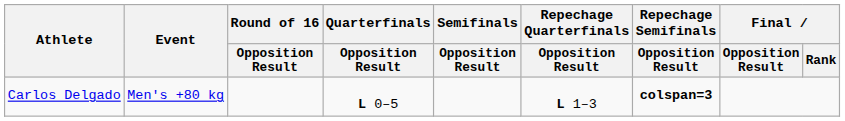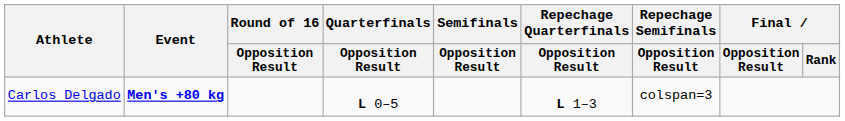 <table class=wikitable style=font-size:90%;text-align:center>
 <tr>
 <th rowspan=2>Athlete</th>
 <th rowspan=2>Event</th>
 <th>Round of 16</th>
 <th>Quarterfinals</th>
 <th>Semifinals</th>
 <th>Repechage<br>Quarterfinals</th>
 <th>Repechage<br>Semifinals</th>
 <th colspan=2>Final / </th>
 </tr>
 <tr style=font-size:95%>
 <th>Opposition<br>Result</th>
 <th>Opposition<br>Result</th>
 <th>Opposition<br>Result</th>
 <th>Opposition<br>Result</th>
 <th>Opposition<br>Result</th>
 <th>Opposition<br>Result</th>
 <th>Rank</th>
 </tr>
 <tr>
 <td align=left><a href='#'>Carlos Delgado</a></td>
-<td align=left><a href='#'>Men's +80 kg</a></td>
+<td align=left><strong><a href='#'>Men's +80 kg</a></strong></td>
 <td></td>
 <td><br><strong>L</strong> 0–5</td>
 <td></td>
 <td><br><strong>L</strong> 1–3</td>
-<td><strong>colspan=3 </strong></td>
+<td>colspan=3 </td>
 </tr>
 </table>
